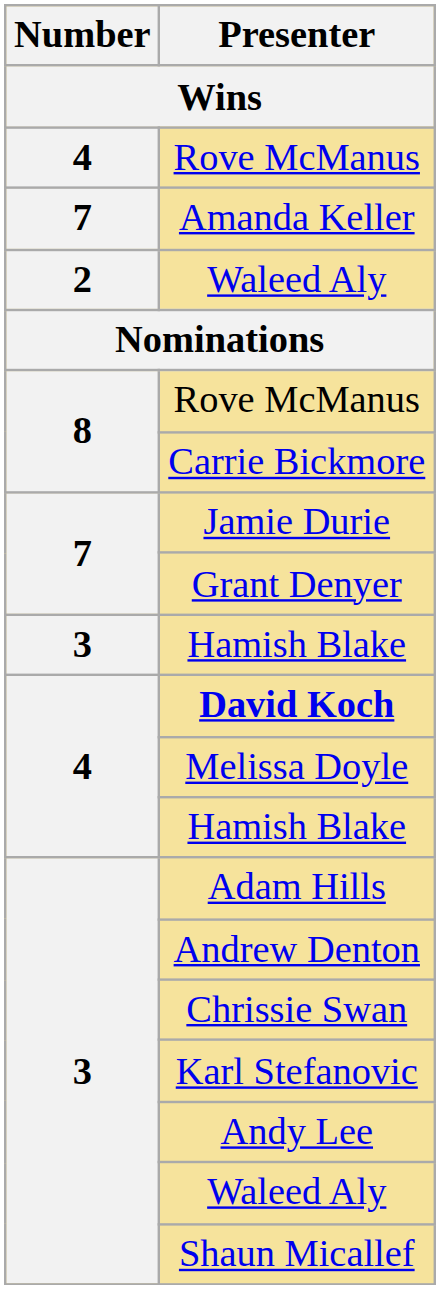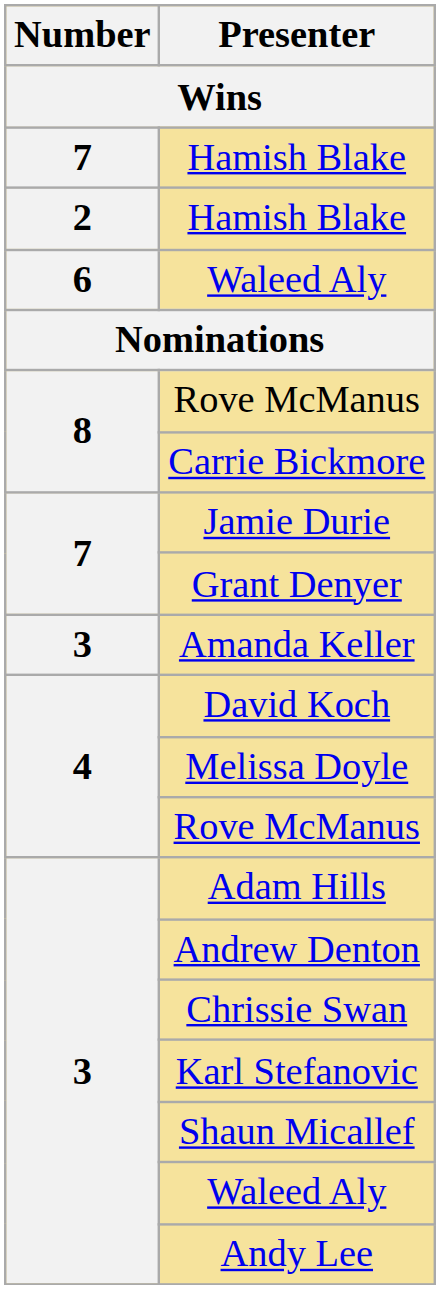 <table class="wikitable" rowspan=2 border="2" cellpadding="4" style="text-align: center; background: #f6e39c">
 <tr>
 <th scope="col" style="width:55px;">Number</th>
 <th scope="col" style="text-align:center;">Presenter</th>
 </tr>
 <tr>
 <th colspan="2">Wins</th>
 </tr>
 <tr>
-<th scope="row" style="text-align:center;">4</th>
-<td><a href='#'>Rove McManus</a></td>
+<th scope="row" style="text-align:center;">7</th>
+<td><a href='#'>Hamish Blake</a></td>
 </tr>
 <tr>
-<th scope="row" style="text-align:center;">7</th>
-<td><a href='#'>Amanda Keller</a></td>
+<th scope="row" style="text-align:center;">2</th>
+<td><a href='#'>Hamish Blake</a></td>
 </tr>
 <tr>
-<th>2</th>
+<th>6</th>
 <td><a href='#'>Waleed Aly</a></td>
 </tr>
 <tr>
 <th colspan="2">Nominations</th>
 </tr>
 <tr>
 <th scope="row" rowspan="2" style="text-align:center;">8</th>
 <td>Rove McManus</td>
 </tr>
 <tr>
 <td><a href='#'>Carrie Bickmore</a></td>
 </tr>
 <tr>
 <th scope="row" rowspan="2" style="text-align:center;">7</th>
 <td><a href='#'>Jamie Durie</a></td>
 </tr>
 <tr>
 <td><a href='#'>Grant Denyer</a></td>
 </tr>
 <tr>
 <th scope="row" style="text-align:center;">3</th>
-<td><a href='#'>Hamish Blake</a></td>
+<td><a href='#'>Amanda Keller</a></td>
 </tr>
 <tr>
 <th scope="row" rowspan="3" style="text-align:center;">4</th>
-<td><strong><a href='#'>David Koch</a></strong></td>
+<td><a href='#'>David Koch</a></td>
 </tr>
 <tr>
 <td><a href='#'>Melissa Doyle</a></td>
 </tr>
 <tr>
-<td><a href='#'>Hamish Blake</a></td>
+<td><a href='#'>Rove McManus</a></td>
 </tr>
 <tr>
 <th scope="row" rowspan="7" style="text-align:center;">3</th>
 <td><a href='#'>Adam Hills</a></td>
 </tr>
 <tr>
 <td><a href='#'>Andrew Denton</a></td>
 </tr>
 <tr>
 <td><a href='#'>Chrissie Swan</a></td>
 </tr>
 <tr>
 <td><a href='#'>Karl Stefanovic</a></td>
 </tr>
 <tr>
-<td><a href='#'>Andy Lee</a></td>
+<td><a href='#'>Shaun Micallef</a></td>
 </tr>
 <tr>
 <td><a href='#'>Waleed Aly</a></td>
 </tr>
 <tr>
-<td><a href='#'>Shaun Micallef</a></td>
+<td><a href='#'>Andy Lee</a></td>
 </tr>
 </table>
